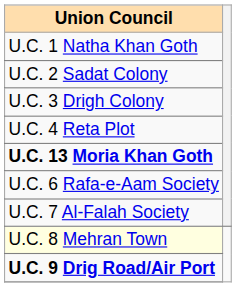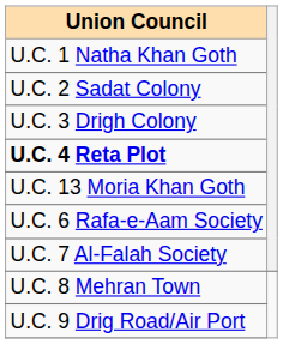 <table class="sortable wikitable" align="left">
 <tr>
 <th style="background:#ffdead;"><strong>Union Council</strong></th>
 <th rowspan=8 style="border-bottom:1px solid grey;" valign="top" class="unsortable"><br><br></th>
 </tr>
 <tr>
 <td style="border-bottom:1px solid grey;">U.C. 1 <a href='#'>Natha Khan Goth</a></td>
 </tr>
 <tr>
 <td style="border-bottom:1px solid grey;">U.C. 2 <a href='#'>Sadat Colony</a></td>
 </tr>
 <tr>
 <td style="border-bottom:1px solid grey;">U.C. 3 <a href='#'>Drigh Colony</a></td>
 </tr>
 <tr>
-<td style="border-bottom:1px solid grey;">U.C. 4 <a href='#'>Reta Plot</a></td>
+<td style="border-bottom:1px solid grey;"><strong>U.C. 4 <a href='#'>Reta Plot</a></strong></td>
 </tr>
 <tr>
-<td style="border-bottom:1px solid grey;"><strong>U.C. 13 <a href='#'>Moria Khan Goth</a></strong></td>
+<td style="border-bottom:1px solid grey;">U.C. 13 <a href='#'>Moria Khan Goth</a></td>
 </tr>
 <tr>
 <td style="border-bottom:1px solid grey;">U.C. 6 <a href='#'>Rafa-e-Aam Society</a></td>
 </tr>
 <tr>
 <td style="border-bottom:1px solid grey;">U.C. 7 <a href='#'>Al-Falah Society</a></td>
 </tr>
 <tr>
-<td style="background: lightyellow; border-bottom:1px solid grey;">U.C. 8 <a href='#'>Mehran Town</a></td>
+<td style="border-bottom:1px solid grey;">U.C. 8 <a href='#'>Mehran Town</a></td>
 </tr>
 <tr>
-<td style="border-bottom:1px solid grey;"><strong>U.C. 9 <a href='#'>Drig Road/Air Port</a></strong></td>
+<td style="border-bottom:1px solid grey;">U.C. 9 <a href='#'>Drig Road/Air Port</a></td>
 </tr>
 <tr>
 </tr>
 </table>
